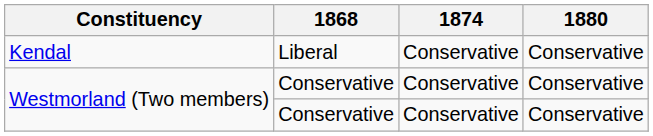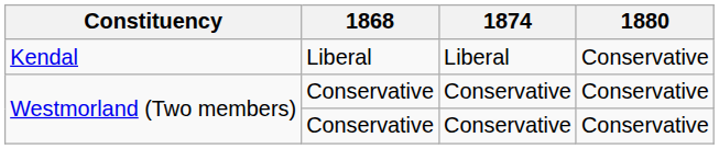 <table class="wikitable">
 <tr>
 <th>Constituency</th>
 <th>1868</th>
 <th>1874</th>
 <th>1880</th>
 </tr>
 <tr>
 <td><a href='#'>Kendal</a></td>
 <td>Liberal</td>
-<td>Conservative</td>
+<td>Liberal</td>
 <td>Conservative</td>
 </tr>
 <tr>
 <td rowspan="2"><a href='#'>Westmorland</a> (Two members)</td>
 <td>Conservative</td>
 <td>Conservative</td>
 <td>Conservative</td>
 </tr>
 <tr>
 <td>Conservative</td>
 <td>Conservative</td>
 <td>Conservative</td>
 </tr>
 </table>
